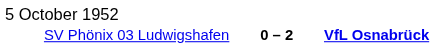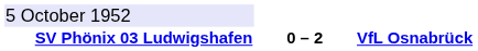 <table width=100% cellspacing=1>
 <tr>
 <th width=25%></th>
 <th width=10%></th>
 <th width=25%></th>
 <th></th>
 </tr>
 <tr>
-<td>5 October 1952</td>
+<td style="background: lavender;">5 October 1952</td>
 </tr>
 <tr style=font-size:90%>
-<td align=right><a href='#'>SV Phönix 03 Ludwigshafen</a></td>
+<td align=right><strong><a href='#'>SV Phönix 03 Ludwigshafen</a></strong></td>
 <td align=center><strong>0 – 2</strong></td>
 <td><strong><a href='#'>VfL Osnabrück</a></strong></td>
 </tr>
 </table>
